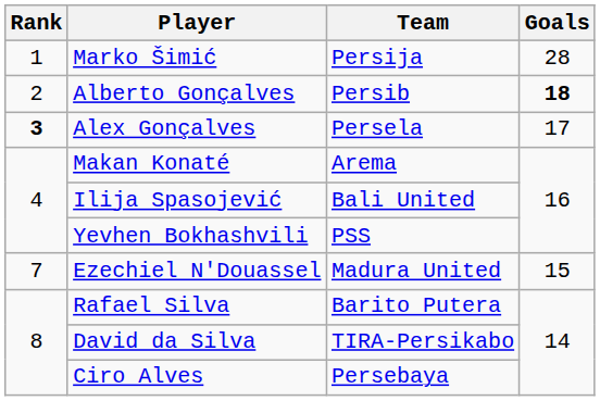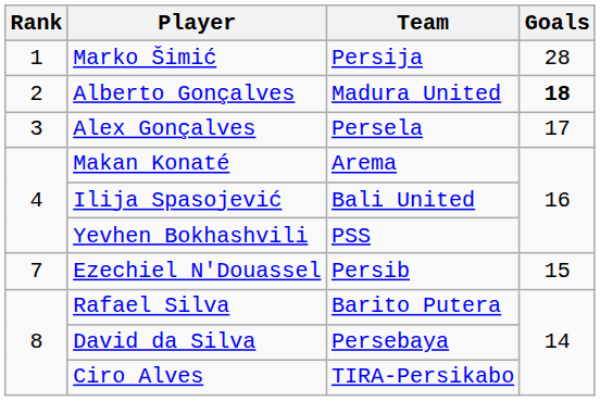 <table class="wikitable" style="text-align:center">
 <tr>
 <th>Rank</th>
 <th>Player</th>
 <th>Team</th>
 <th>Goals</th>
 </tr>
 <tr>
 <td>1</td>
 <td align="left"> <a href='#'>Marko Šimić</a></td>
 <td align="left"><a href='#'>Persija</a></td>
 <td>28</td>
 </tr>
 <tr>
 <td>2</td>
 <td align="left"> <a href='#'>Alberto Gonçalves</a></td>
-<td align="left"><a href='#'>Persib</a></td>
+<td align="left"><a href='#'>Madura United</a></td>
 <td><strong>18</strong></td>
 </tr>
 <tr>
-<td><strong>3</strong></td>
+<td>3</td>
 <td align="left"> <a href='#'>Alex Gonçalves</a></td>
 <td align="left"><a href='#'>Persela</a></td>
 <td>17</td>
 </tr>
 <tr>
 <td rowspan="3">4</td>
 <td align="left"> <a href='#'>Makan Konaté</a></td>
 <td align="left"><a href='#'>Arema</a></td>
 <td rowspan="3">16</td>
 </tr>
 <tr>
 <td align="left"> <a href='#'>Ilija Spasojević</a></td>
 <td align="left"><a href='#'>Bali United</a></td>
 </tr>
 <tr>
 <td align="left"> <a href='#'>Yevhen Bokhashvili</a></td>
 <td align="left"><a href='#'>PSS</a></td>
 </tr>
 <tr>
 <td>7</td>
 <td align="left"> <a href='#'>Ezechiel N'Douassel</a></td>
-<td align="left"><a href='#'>Madura United</a></td>
+<td align="left"><a href='#'>Persib</a></td>
 <td>15</td>
 </tr>
 <tr>
 <td rowspan="3">8</td>
 <td align="left"> <a href='#'>Rafael Silva</a></td>
 <td align="left"><a href='#'>Barito Putera</a></td>
 <td rowspan="3">14</td>
 </tr>
 <tr>
 <td align="left"> <a href='#'>David da Silva</a></td>
-<td align="left"><a href='#'>TIRA-Persikabo</a></td>
+<td align="left"><a href='#'>Persebaya</a></td>
 </tr>
 <tr>
 <td align="left"> <a href='#'>Ciro Alves</a></td>
-<td align="left"><a href='#'>Persebaya</a></td>
+<td align="left"><a href='#'>TIRA-Persikabo</a></td>
 </tr>
 </table>
